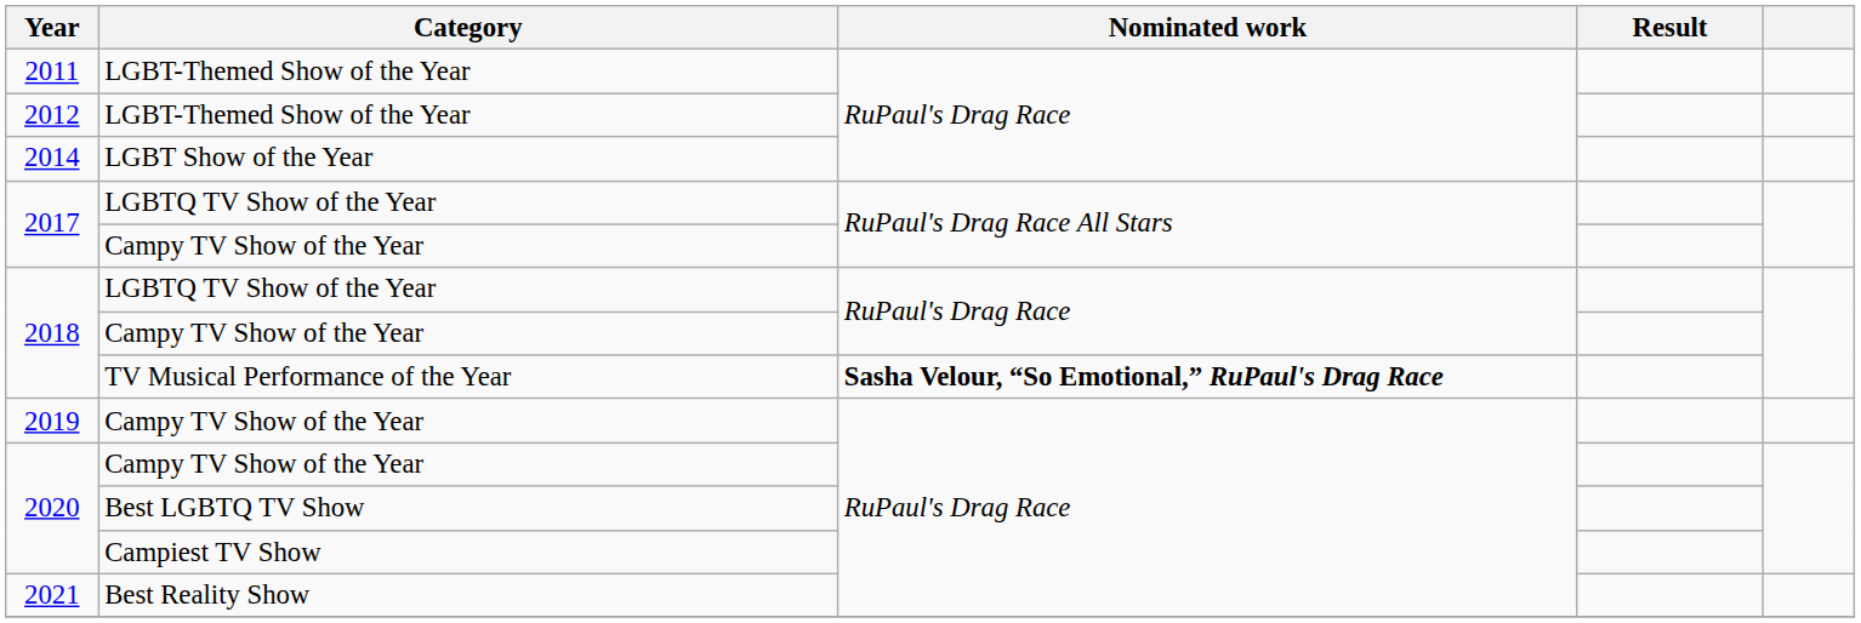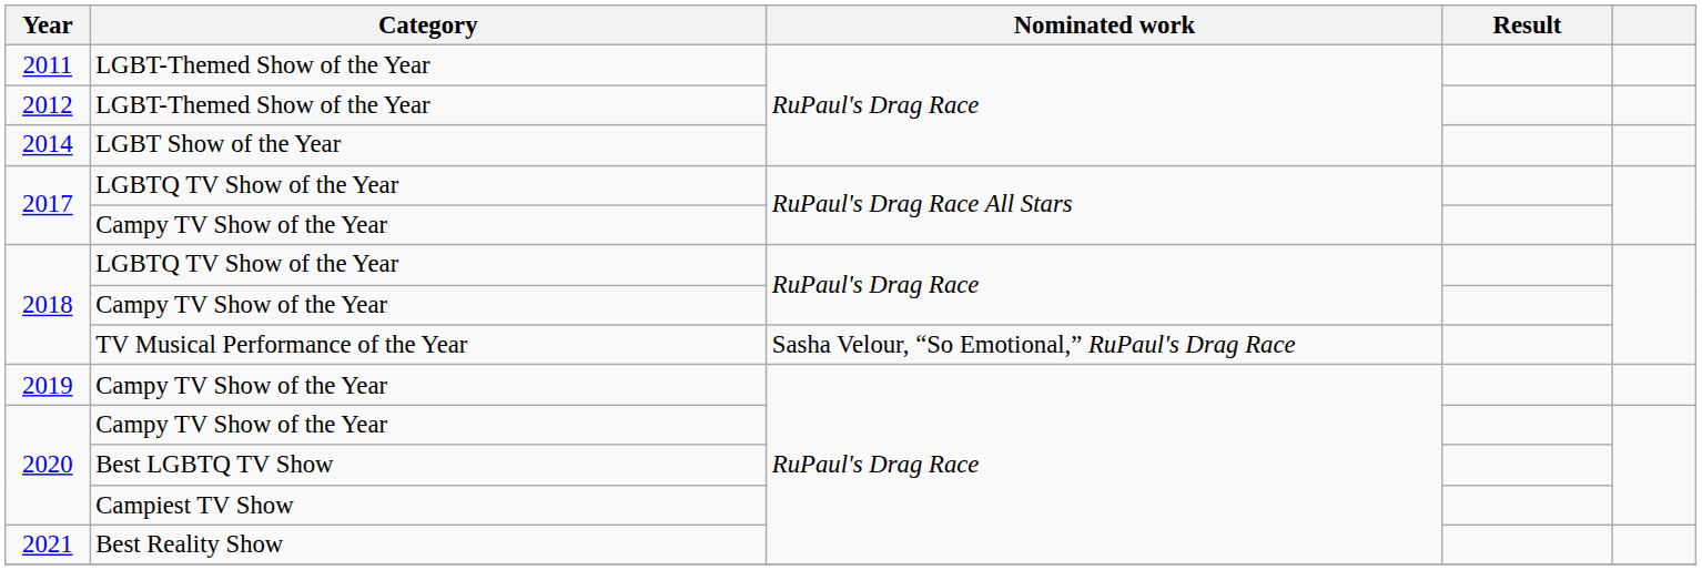 <table class="wikitable" style="width:85%;">
 <tr>
 <th width=5%>Year</th>
 <th style="width:40%;">Category</th>
 <th style="width:40%;">Nominated work</th>
 <th style="width:10%;">Result</th>
 <th width=5%></th>
 </tr>
 <tr>
 <td style="text-align: center;"><a href='#'>2011</a></td>
 <td>LGBT-Themed Show of the Year</td>
 <td rowspan="3"><em>RuPaul's Drag Race</em></td>
 <td></td>
 <td></td>
 </tr>
 <tr>
 <td style="text-align: center;"><a href='#'>2012</a></td>
 <td>LGBT-Themed Show of the Year</td>
 <td></td>
 <td></td>
 </tr>
 <tr>
 <td style="text-align: center;"><a href='#'>2014</a></td>
 <td>LGBT Show of the Year</td>
 <td></td>
 <td></td>
 </tr>
 <tr>
 <td rowspan="2" style="text-align: center;"><a href='#'>2017</a></td>
 <td>LGBTQ TV Show of the Year</td>
 <td rowspan="2"><em>RuPaul's Drag Race All Stars</em></td>
 <td></td>
 <td align="center" rowspan="2"></td>
 </tr>
 <tr>
 <td>Campy TV Show of the Year</td>
 <td></td>
 </tr>
 <tr>
 <td rowspan="3" style="text-align: center;"><a href='#'>2018</a></td>
 <td>LGBTQ TV Show of the Year</td>
 <td rowspan="2"><em>RuPaul's Drag Race</em></td>
 <td></td>
 <td align="center" rowspan="3"></td>
 </tr>
 <tr>
 <td>Campy TV Show of the Year</td>
 <td></td>
 </tr>
 <tr>
 <td>TV Musical Performance of the Year</td>
-<td><strong>Sasha Velour, “So Emotional,” <em>RuPaul's Drag Race</em></strong></td>
+<td>Sasha Velour, “So Emotional,” <em>RuPaul's Drag Race</em></td>
 <td></td>
 </tr>
 <tr>
 <td style="text-align: center;"><a href='#'>2019</a></td>
 <td>Campy TV Show of the Year</td>
 <td rowspan="5"><em>RuPaul's Drag Race</em></td>
 <td></td>
 <td></td>
 </tr>
 <tr>
 <td rowspan="3" style="text-align: center;"><a href='#'>2020</a></td>
 <td>Campy TV Show of the Year</td>
 <td></td>
 <td align="center" rowspan="3"></td>
 </tr>
 <tr>
 <td>Best LGBTQ TV Show</td>
 <td></td>
 </tr>
 <tr>
 <td>Campiest TV Show</td>
 <td></td>
 </tr>
 <tr>
 <td style="text-align: center;"><a href='#'>2021</a></td>
 <td>Best Reality Show</td>
 <td></td>
 <td></td>
 </tr>
 <tr>
 </tr>
 </table>
